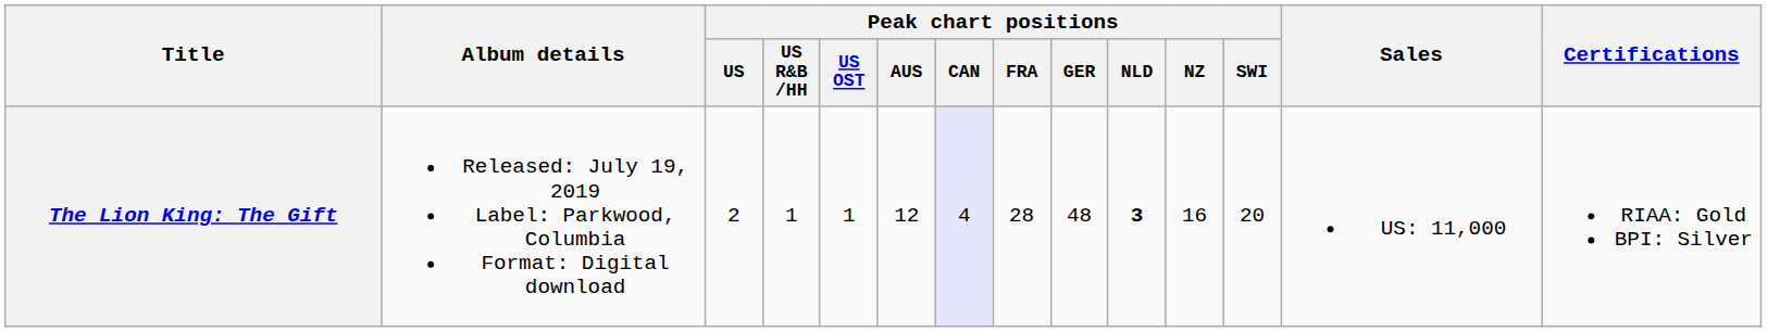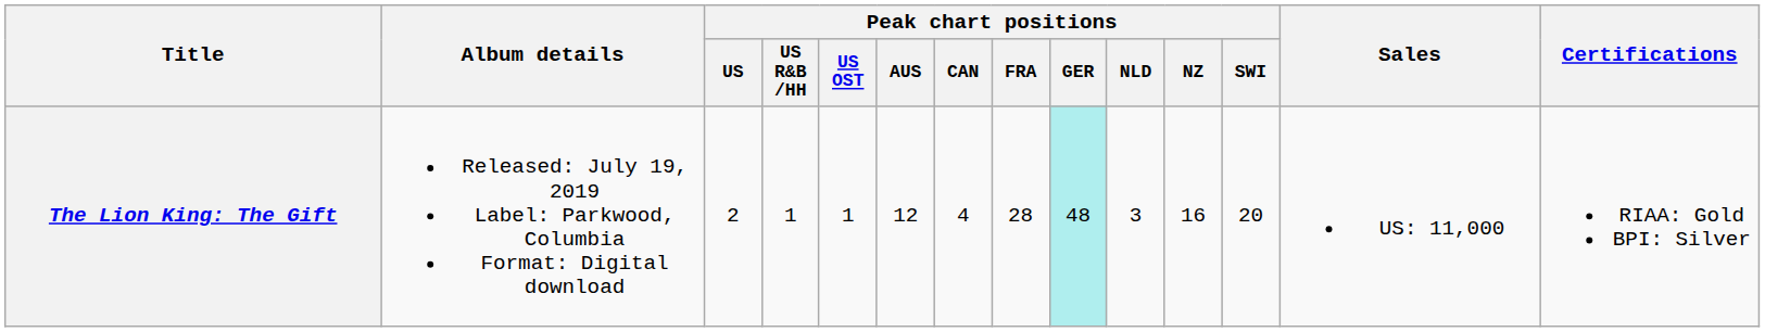 <table class="wikitable plainrowheaders" style="text-align:center;" border="1">
 <tr>
 <th scope="col" rowspan="2" style="width:17.5em;">Title</th>
 <th scope="col" rowspan="2" style="width:15em;">Album details</th>
 <th scope="col" colspan="10">Peak chart positions</th>
 <th scope="col" rowspan="2" style="width:12em;">Sales</th>
 <th scope="col" rowspan="2" style="width:10em;"><a href='#'>Certifications</a></th>
 </tr>
 <tr>
 <th scope="col" style="width:2.75em;font-size:85%;">US<br></th>
 <th scope="col" style="width:2.75em;font-size:85%;">US<br>R&B<br>/HH<br></th>
 <th scope="col" style="width:2.75em;font-size:85%;"><a href='#'>US<br>OST</a><br></th>
 <th scope="col" style="width:2.75em;font-size:85%;">AUS<br></th>
 <th scope="col" style="width:2.75em;font-size:85%;">CAN<br></th>
 <th scope="col" style="width:2.75em;font-size:85%;">FRA<br></th>
 <th scope="col" style="width:2.75em;font-size:85%;">GER<br></th>
 <th scope="col" style="width:2.75em;font-size:85%;">NLD<br></th>
 <th scope="col" style="width:2.75em;font-size:85%;">NZ<br></th>
 <th scope="col" style="width:2.75em;font-size:85%;">SWI<br></th>
 </tr>
 <tr>
 <th scope="row"><em><a href='#'>The Lion King: The Gift</a></em></th>
 <td><br><ul><li>Released: July 19, 2019</li><li>Label: Parkwood, Columbia</li><li>Format: Digital download</li></ul></td>
 <td>2</td>
 <td>1</td>
 <td>1</td>
 <td>12</td>
-<td style="background: lavender;">4</td>
+<td>4</td>
 <td>28</td>
-<td>48</td>
-<td><strong>3</strong></td>
+<td style="background: paleturquoise;">48</td>
+<td>3</td>
 <td>16</td>
 <td>20</td>
 <td><br><ul><li>US: 11,000</li></ul></td>
 <td><br><ul><li>RIAA: Gold</li><li>BPI: Silver</li></ul></td>
 </tr>
 </table>
